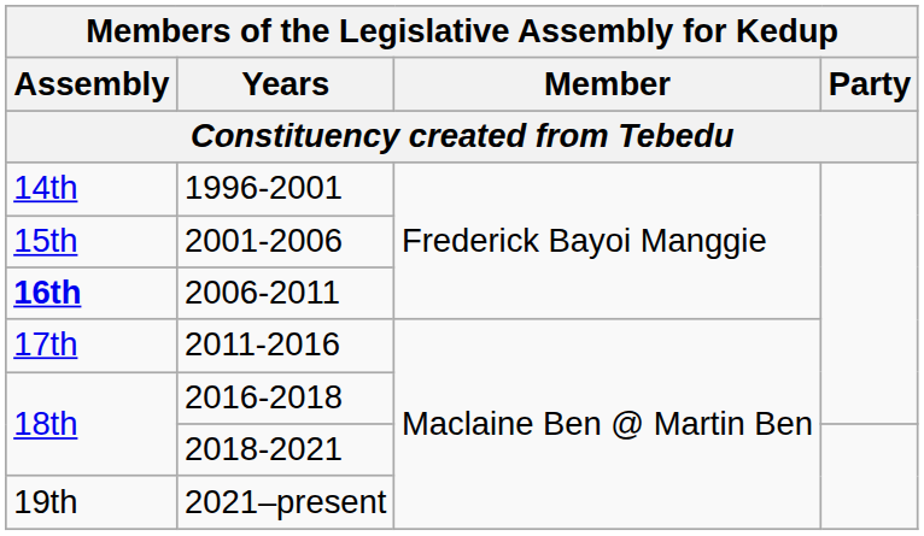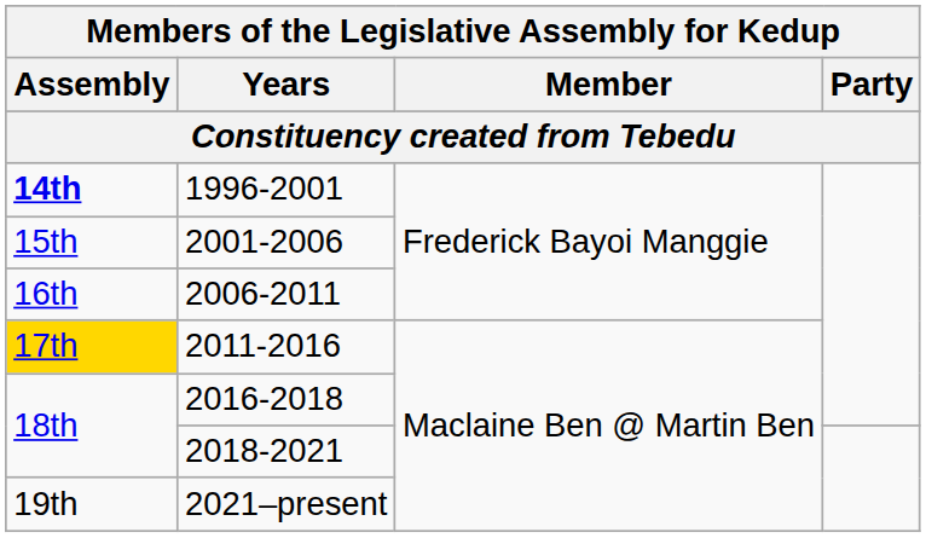 <table class=wikitable>
 <tr>
 <th colspan="4">Members of the Legislative Assembly for Kedup</th>
 </tr>
 <tr>
 <th>Assembly</th>
 <th>Years</th>
 <th>Member</th>
 <th>Party</th>
 </tr>
 <tr>
 <th colspan=4 align=center><em>Constituency created from Tebedu</em></th>
 </tr>
 <tr>
-<td><a href='#'>14th</a></td>
+<td><strong><a href='#'>14th</a></strong></td>
 <td>1996-2001</td>
 <td rowspan=3>Frederick Bayoi Manggie</td>
 <td rowspan=5></td>
 </tr>
 <tr>
 <td><a href='#'>15th</a></td>
 <td>2001-2006</td>
 </tr>
 <tr>
-<td><strong><a href='#'>16th</a></strong></td>
+<td><a href='#'>16th</a></td>
 <td>2006-2011</td>
 </tr>
 <tr>
-<td><a href='#'>17th</a></td>
+<td style="background: gold;"><a href='#'>17th</a></td>
 <td>2011-2016</td>
 <td rowspan="4">Maclaine Ben @ Martin Ben</td>
 </tr>
 <tr>
 <td rowspan="2"><a href='#'>18th</a></td>
 <td>2016-2018</td>
 </tr>
 <tr>
 <td>2018-2021</td>
 <td rowspan="2"></td>
 </tr>
 <tr>
 <td>19th</td>
 <td>2021–present</td>
 </tr>
 </table>
